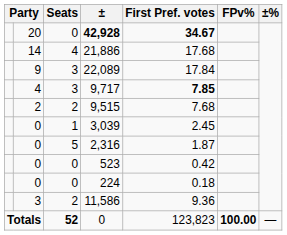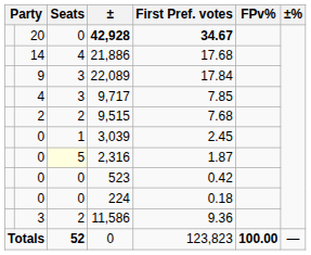 <table class=wikitable>
 <tr>
 <th colspan=2 align=center>Party</th>
 <th valign=top>Seats</th>
 <th valign=top>±</th>
 <th valign=top>First Pref. votes</th>
 <th valign=top>FPv%</th>
 <th valign=top>±%</th>
 </tr>
 <tr>
 <td></td>
 <td align=right>20</td>
 <td align=right> 0</td>
 <td align=right><strong>42,928</strong></td>
 <td align=right><strong>34.67</strong></td>
 <td align=right></td>
 </tr>
 <tr>
 <td></td>
 <td align=right>14</td>
 <td align=right> 4</td>
 <td align=right>21,886</td>
 <td align=right>17.68</td>
 <td align=right></td>
 </tr>
 <tr>
 <td></td>
 <td align=right>9</td>
 <td align=right> 3</td>
 <td align=right>22,089</td>
 <td align=right>17.84</td>
 <td align=right></td>
 </tr>
 <tr>
 <td></td>
 <td align=right>4</td>
 <td align=right> 3</td>
 <td align=right>9,717</td>
-<td align=right><strong>7.85</strong></td>
+<td align=right>7.85</td>
 <td align=right></td>
 </tr>
 <tr>
 <td></td>
 <td align=right>2</td>
 <td align=right> 2</td>
 <td align=right>9,515</td>
 <td align=right>7.68</td>
 <td align=right></td>
 </tr>
 <tr>
 <td></td>
 <td align=right>0</td>
 <td align=right> 1</td>
 <td align=right>3,039</td>
 <td align=right>2.45</td>
 <td align=right></td>
 </tr>
 <tr>
 <td></td>
 <td align=right>0</td>
-<td align=right> 5</td>
+<td align=right style="background: lightyellow;"> 5</td>
 <td align=right>2,316</td>
 <td align=right>1.87</td>
 <td align=right></td>
 </tr>
 <tr>
 <td></td>
 <td align=right>0</td>
 <td align=right> 0</td>
 <td align=right>523</td>
 <td align=right>0.42</td>
 <td align=right></td>
 </tr>
 <tr>
 <td></td>
 <td align=right>0</td>
 <td align=right> 0</td>
 <td align=right>224</td>
 <td align=right>0.18</td>
 <td align=right></td>
 </tr>
 <tr>
 <td></td>
 <td align=right>3</td>
 <td align=right> 2</td>
 <td align=right>11,586</td>
 <td align=right>9.36</td>
 <td align=right></td>
 </tr>
 <tr>
 <td colspan=2 align=center><strong>Totals</strong></td>
 <td align=right><strong>52</strong></td>
 <td align=center> 0</td>
 <td align=right>123,823</td>
 <td align=center><strong>100.00</strong></td>
 <td align=center>—</td>
 </tr>
 </table>
